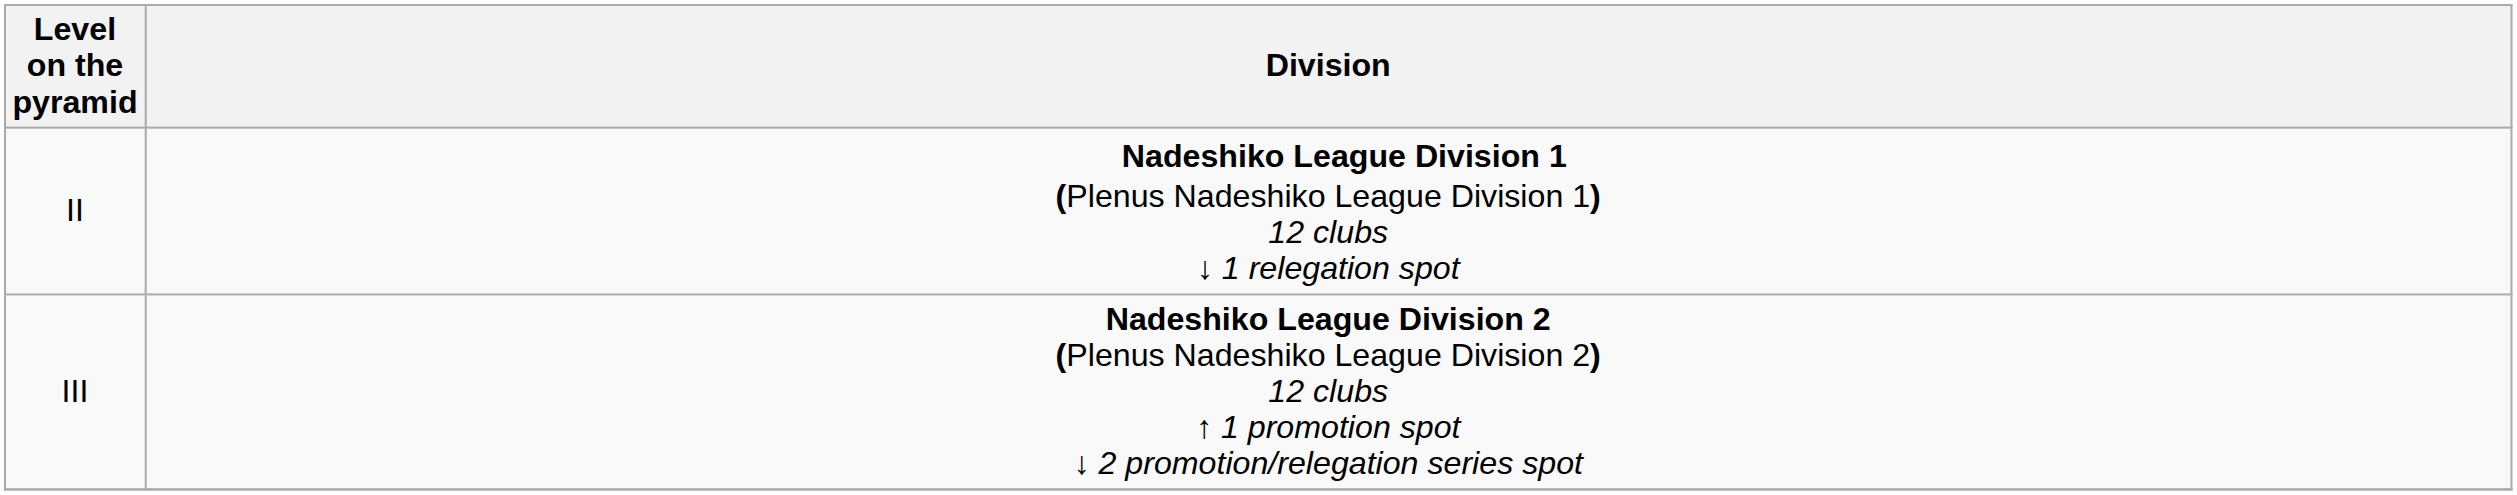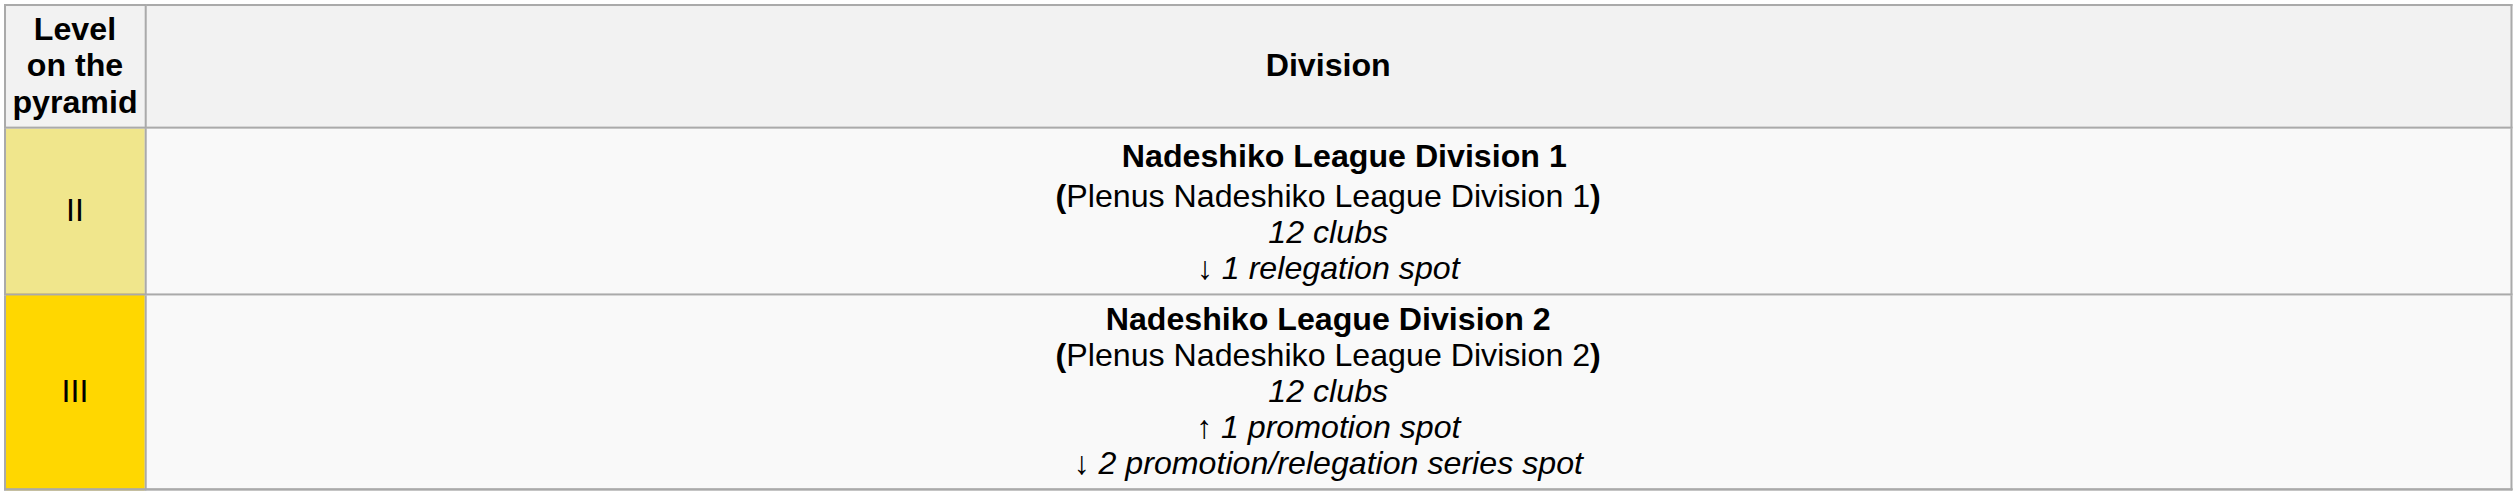 <table class="wikitable" style="text-align: center;">
 <tr>
 <th style="width:4%;">Level on the pyramid</th>
 <th colspan="2" style="width:96%;">Division</th>
 </tr>
 <tr>
-<td style="width:4%;">II</td>
+<td style="background: khaki; width:4%;">II</td>
 <td colspan="2" style="width:96%;">　<strong>Nadeshiko League Division 1</strong><br><strong>(</strong>Plenus Nadeshiko League Division 1<strong>)</strong><br><em>12 clubs</em><br> <em>↓ 1 relegation spot</em></td>
 </tr>
 <tr>
-<td style="width:4%;">III</td>
+<td style="background: gold; width:4%;">III</td>
 <td colspan="2" style="width:96%;"><strong>Nadeshiko League Division 2</strong><br><strong>(</strong>Plenus Nadeshiko League Division 2<strong>)</strong><br><em>12 clubs</em><br> <em>↑ 1 promotion spot</em><br> <em>↓ 2 promotion/relegation series spot</em></td>
 </tr>
 <tr>
 </tr>
 </table>
